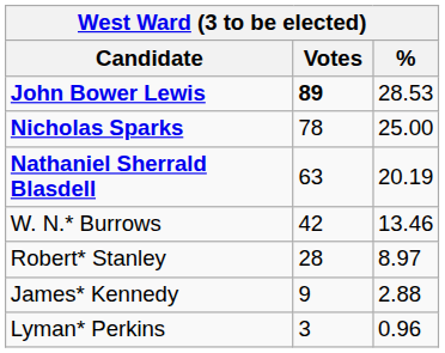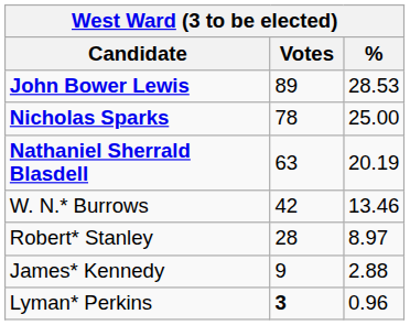 <table class="wikitable">
 <tr>
 <th colspan="3"><a href='#'>West Ward</a> (3 to be elected)</th>
 </tr>
 <tr>
 <th style="width: 200px">Candidate</th>
 <th style="width: 50px">Votes</th>
 <th style="width: 40px">%</th>
 </tr>
 <tr>
 <td><strong><a href='#'>John Bower Lewis</a></strong></td>
-<td><strong>89</strong></td>
+<td>89</td>
 <td>28.53</td>
 </tr>
 <tr>
 <td><strong><a href='#'>Nicholas Sparks</a></strong></td>
 <td>78</td>
 <td>25.00</td>
 </tr>
 <tr>
 <td><strong><a href='#'>Nathaniel Sherrald Blasdell</a></strong></td>
 <td>63</td>
 <td>20.19</td>
 </tr>
 <tr>
 <td>W. N.* Burrows</td>
 <td>42</td>
 <td>13.46</td>
 </tr>
 <tr>
 <td>Robert* Stanley</td>
 <td>28</td>
 <td>8.97</td>
 </tr>
 <tr>
 <td>James* Kennedy</td>
 <td>9</td>
 <td>2.88</td>
 </tr>
 <tr>
 <td>Lyman* Perkins</td>
-<td>3</td>
+<td><strong>3</strong></td>
 <td>0.96</td>
 </tr>
 </table>
